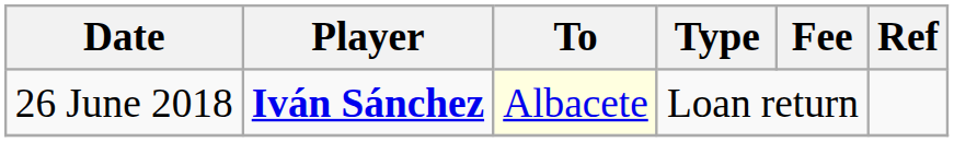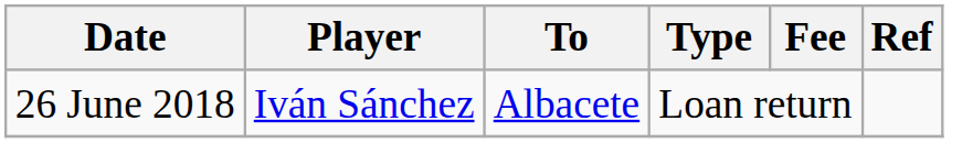 <table class="wikitable">
 <tr>
 <th>Date</th>
 <th>Player</th>
 <th>To</th>
 <th>Type</th>
 <th>Fee</th>
 <th>Ref</th>
 </tr>
 <tr>
 <td>26 June 2018</td>
-<td><strong> <a href='#'>Iván Sánchez</a></strong></td>
-<td style="background: lightyellow;"> <a href='#'>Albacete</a></td>
+<td> <a href='#'>Iván Sánchez</a></td>
+<td> <a href='#'>Albacete</a></td>
 <td colspan=2>Loan return</td>
 <td></td>
 </tr>
 <tr>
 </tr>
 </table>
